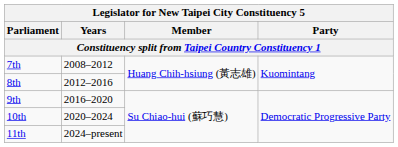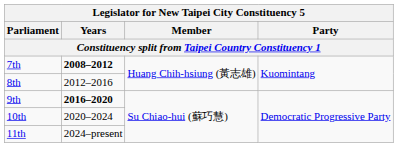 <table class=wikitable>
 <tr>
 <th colspan="4">Legislator for New Taipei City Constituency 5</th>
 </tr>
 <tr>
 <th>Parliament</th>
 <th>Years</th>
 <th>Member</th>
 <th>Party</th>
 </tr>
 <tr>
 <th colspan=4 align=center><em>Constituency split from <a href='#'>Taipei Country Constituency 1</a> </em></th>
 </tr>
 <tr>
 <td><a href='#'>7th</a></td>
-<td>2008–2012</td>
+<td><strong>2008–2012</strong></td>
 <td rowspan=2><a href='#'>Huang Chih-hsiung</a> (黃志雄)</td>
 <td rowspan=2><a href='#'>Kuomintang</a></td>
 </tr>
 <tr>
 <td><a href='#'>8th</a></td>
 <td>2012–2016</td>
 </tr>
 <tr>
 <td><a href='#'>9th</a></td>
-<td>2016–2020</td>
+<td><strong>2016–2020</strong></td>
 <td rowspan=3><a href='#'>Su Chiao-hui</a> (蘇巧慧)</td>
 <td rowspan=3><a href='#'>Democratic Progressive Party</a></td>
 </tr>
 <tr>
 <td><a href='#'>10th</a></td>
 <td>2020–2024</td>
 </tr>
 <tr>
 <td><a href='#'>11th</a></td>
 <td>2024–present</td>
 </tr>
 </table>
